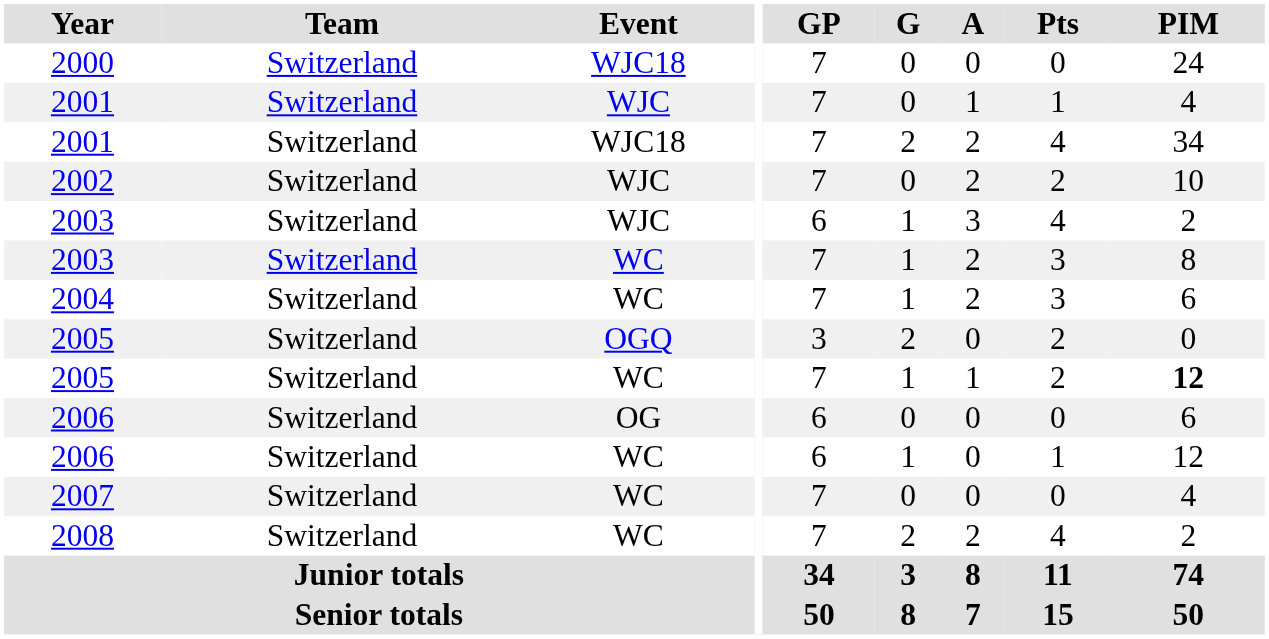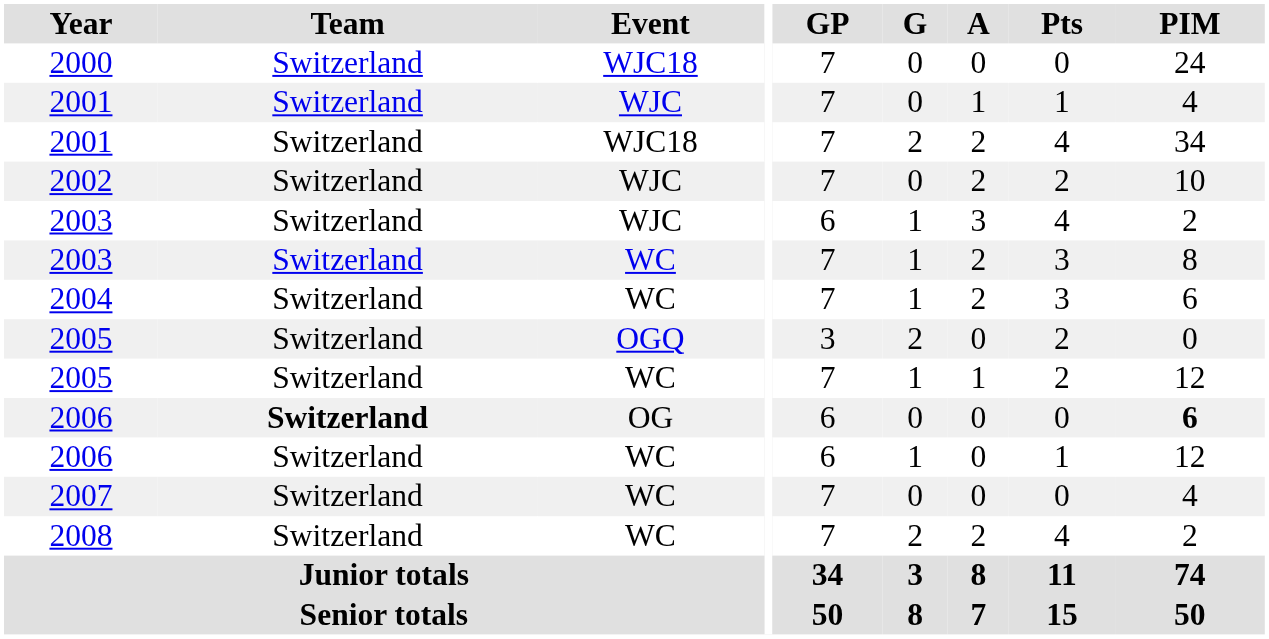 <table border="0" cellpadding="1" cellspacing="0" ID="Table3" style="text-align:center; width:40em">
 <tr ALIGN="center" bgcolor="#e0e0e0">
 <th>Year</th>
 <th>Team</th>
 <th>Event</th>
 <th rowspan="99" bgcolor="#ffffff"></th>
 <th>GP</th>
 <th>G</th>
 <th>A</th>
 <th>Pts</th>
 <th>PIM</th>
 </tr>
 <tr>
 <td><a href='#'>2000</a></td>
 <td><a href='#'>Switzerland</a></td>
 <td><a href='#'>WJC18</a></td>
 <td>7</td>
 <td>0</td>
 <td>0</td>
 <td>0</td>
 <td>24</td>
 </tr>
 <tr bgcolor="#f0f0f0">
 <td><a href='#'>2001</a></td>
 <td><a href='#'>Switzerland</a></td>
 <td><a href='#'>WJC</a></td>
 <td>7</td>
 <td>0</td>
 <td>1</td>
 <td>1</td>
 <td>4</td>
 </tr>
 <tr>
 <td><a href='#'>2001</a></td>
 <td>Switzerland</td>
 <td>WJC18</td>
 <td>7</td>
 <td>2</td>
 <td>2</td>
 <td>4</td>
 <td>34</td>
 </tr>
 <tr bgcolor="#f0f0f0">
 <td><a href='#'>2002</a></td>
 <td>Switzerland</td>
 <td>WJC</td>
 <td>7</td>
 <td>0</td>
 <td>2</td>
 <td>2</td>
 <td>10</td>
 </tr>
 <tr>
 <td><a href='#'>2003</a></td>
 <td>Switzerland</td>
 <td>WJC</td>
 <td>6</td>
 <td>1</td>
 <td>3</td>
 <td>4</td>
 <td>2</td>
 </tr>
 <tr bgcolor="#f0f0f0">
 <td><a href='#'>2003</a></td>
 <td><a href='#'>Switzerland</a></td>
 <td><a href='#'>WC</a></td>
 <td>7</td>
 <td>1</td>
 <td>2</td>
 <td>3</td>
 <td>8</td>
 </tr>
 <tr>
 <td><a href='#'>2004</a></td>
 <td>Switzerland</td>
 <td>WC</td>
 <td>7</td>
 <td>1</td>
 <td>2</td>
 <td>3</td>
 <td>6</td>
 </tr>
 <tr bgcolor="#f0f0f0">
 <td><a href='#'>2005</a></td>
 <td>Switzerland</td>
 <td><a href='#'>OGQ</a></td>
 <td>3</td>
 <td>2</td>
 <td>0</td>
 <td>2</td>
 <td>0</td>
 </tr>
 <tr>
 <td><a href='#'>2005</a></td>
 <td>Switzerland</td>
 <td>WC</td>
 <td>7</td>
 <td>1</td>
 <td>1</td>
 <td>2</td>
-<td><strong>12</strong></td>
+<td>12</td>
 </tr>
 <tr bgcolor="#f0f0f0">
 <td><a href='#'>2006</a></td>
-<td>Switzerland</td>
+<td><strong>Switzerland</strong></td>
 <td>OG</td>
 <td>6</td>
 <td>0</td>
 <td>0</td>
 <td>0</td>
-<td>6</td>
+<td><strong>6</strong></td>
 </tr>
 <tr>
 <td><a href='#'>2006</a></td>
 <td>Switzerland</td>
 <td>WC</td>
 <td>6</td>
 <td>1</td>
 <td>0</td>
 <td>1</td>
 <td>12</td>
 </tr>
 <tr bgcolor="#f0f0f0">
 <td><a href='#'>2007</a></td>
 <td>Switzerland</td>
 <td>WC</td>
 <td>7</td>
 <td>0</td>
 <td>0</td>
 <td>0</td>
 <td>4</td>
 </tr>
 <tr>
 <td><a href='#'>2008</a></td>
 <td>Switzerland</td>
 <td>WC</td>
 <td>7</td>
 <td>2</td>
 <td>2</td>
 <td>4</td>
 <td>2</td>
 </tr>
 <tr bgcolor="#e0e0e0">
 <th colspan="3">Junior totals</th>
 <th>34</th>
 <th>3</th>
 <th>8</th>
 <th>11</th>
 <th>74</th>
 </tr>
 <tr bgcolor="#e0e0e0">
 <th colspan="3">Senior totals</th>
 <th>50</th>
 <th>8</th>
 <th>7</th>
 <th>15</th>
 <th>50</th>
 </tr>
 </table>
